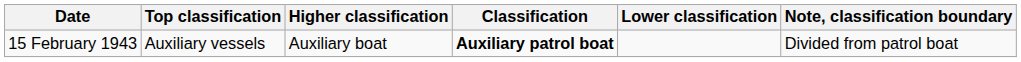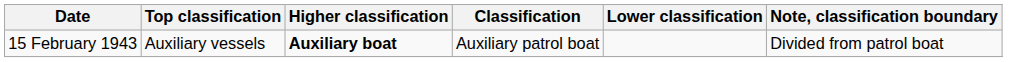 <table class="wikitable">
 <tr>
 <th>Date</th>
 <th>Top classification</th>
 <th>Higher classification</th>
 <th>Classification</th>
 <th>Lower classification</th>
 <th>Note, classification boundary</th>
 </tr>
 <tr>
 <td>15 February 1943</td>
 <td>Auxiliary vessels</td>
-<td>Auxiliary boat</td>
-<td><strong>Auxiliary patrol boat</strong></td>
+<td><strong>Auxiliary boat</strong></td>
+<td>Auxiliary patrol boat</td>
 <td></td>
 <td>Divided from patrol boat</td>
 </tr>
 <tr>
 </tr>
 </table>
